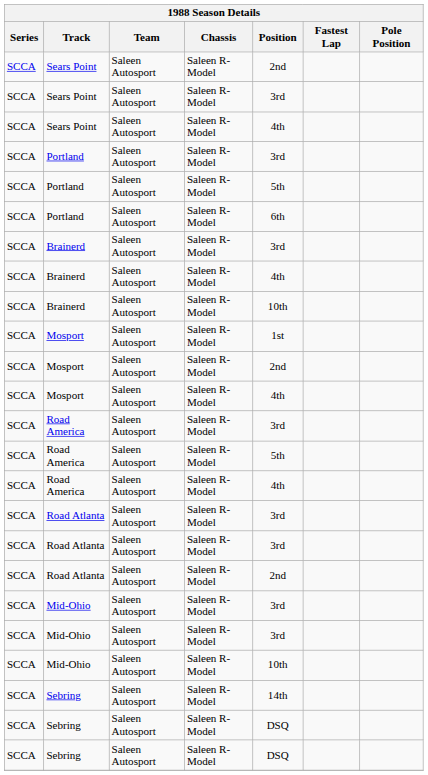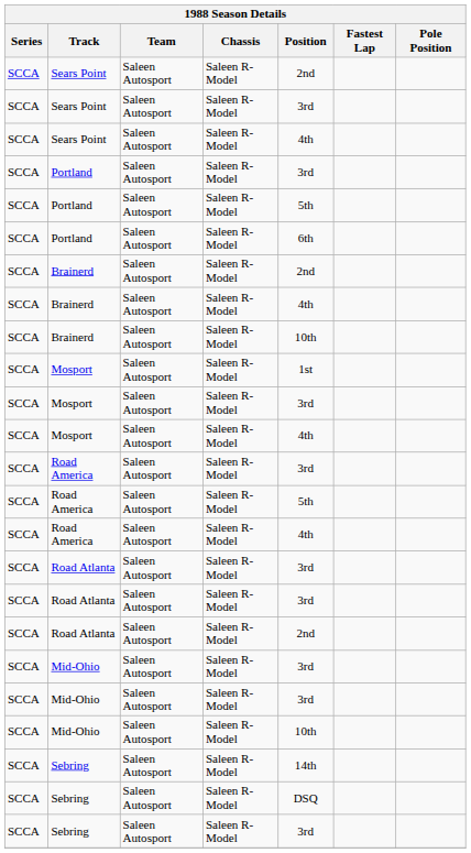 <table class="wikitable collapsible collapsed">
 <tr>
 <th colspan="7" width="875px">1988 Season Details</th>
 </tr>
 <tr>
 <th scope="col">Series</th>
 <th scope="col">Track</th>
 <th scope="col">Team</th>
 <th scope="col">Chassis</th>
 <th scope="col">Position</th>
 <th scope="col">Fastest Lap</th>
 <th scope="col">Pole Position</th>
 </tr>
 <tr>
 <td><a href='#'>SCCA</a></td>
 <td><a href='#'>Sears Point</a></td>
 <td>Saleen Autosport</td>
 <td>Saleen R-Model</td>
 <td style="text-align:center">2nd</td>
 <td style="text-align:center"></td>
 <td style="text-align:center"></td>
 </tr>
 <tr>
 <td>SCCA</td>
 <td>Sears Point</td>
 <td>Saleen Autosport</td>
 <td>Saleen R-Model</td>
 <td style="text-align:center">3rd</td>
 <td style="text-align:center"></td>
 <td style="text-align:center"></td>
 </tr>
 <tr>
 <td>SCCA</td>
 <td>Sears Point</td>
 <td>Saleen Autosport</td>
 <td>Saleen R-Model</td>
 <td style="text-align:center">4th</td>
 <td style="text-align:center"></td>
 <td style="text-align:center"></td>
 </tr>
 <tr>
 <td>SCCA</td>
 <td><a href='#'>Portland</a></td>
 <td>Saleen Autosport</td>
 <td>Saleen R-Model</td>
 <td style="text-align:center">3rd</td>
 <td style="text-align:center"></td>
 <td style="text-align:center"></td>
 </tr>
 <tr>
 <td>SCCA</td>
 <td>Portland</td>
 <td>Saleen Autosport</td>
 <td>Saleen R-Model</td>
 <td style="text-align:center">5th</td>
 <td style="text-align:center"></td>
 <td style="text-align:center"></td>
 </tr>
 <tr>
 <td>SCCA</td>
 <td>Portland</td>
 <td>Saleen Autosport</td>
 <td>Saleen R-Model</td>
 <td style="text-align:center">6th</td>
 <td style="text-align:center"></td>
 <td style="text-align:center"></td>
 </tr>
 <tr>
 <td>SCCA</td>
 <td><a href='#'>Brainerd</a></td>
 <td>Saleen Autosport</td>
 <td>Saleen R-Model</td>
-<td style="text-align:center">3rd</td>
+<td style="text-align:center">2nd</td>
 <td style="text-align:center"></td>
 <td style="text-align:center"></td>
 </tr>
 <tr>
 <td>SCCA</td>
 <td>Brainerd</td>
 <td>Saleen Autosport</td>
 <td>Saleen R-Model</td>
 <td style="text-align:center">4th</td>
 <td style="text-align:center"></td>
 <td style="text-align:center"></td>
 </tr>
 <tr>
 <td>SCCA</td>
 <td>Brainerd</td>
 <td>Saleen Autosport</td>
 <td>Saleen R-Model</td>
 <td style="text-align:center">10th</td>
 <td style="text-align:center"></td>
 <td style="text-align:center"></td>
 </tr>
 <tr>
 <td>SCCA</td>
 <td><a href='#'>Mosport</a></td>
 <td>Saleen Autosport</td>
 <td>Saleen R-Model</td>
 <td style="text-align:center">1st</td>
 <td style="text-align:center"></td>
 <td style="text-align:center"></td>
 </tr>
 <tr>
 <td>SCCA</td>
 <td>Mosport</td>
 <td>Saleen Autosport</td>
 <td>Saleen R-Model</td>
-<td style="text-align:center">2nd</td>
+<td style="text-align:center">3rd</td>
 <td style="text-align:center"></td>
 <td style="text-align:center"></td>
 </tr>
 <tr>
 <td>SCCA</td>
 <td>Mosport</td>
 <td>Saleen Autosport</td>
 <td>Saleen R-Model</td>
 <td style="text-align:center">4th</td>
 <td style="text-align:center"></td>
 <td style="text-align:center"></td>
 </tr>
 <tr>
 <td>SCCA</td>
 <td><a href='#'>Road America</a></td>
 <td>Saleen Autosport</td>
 <td>Saleen R-Model</td>
 <td style="text-align:center">3rd</td>
 <td style="text-align:center"></td>
 <td style="text-align:center"></td>
 </tr>
 <tr>
 <td>SCCA</td>
 <td>Road America</td>
 <td>Saleen Autosport</td>
 <td>Saleen R-Model</td>
 <td style="text-align:center">5th</td>
 <td style="text-align:center"></td>
 <td style="text-align:center"></td>
 </tr>
 <tr>
 <td>SCCA</td>
 <td>Road America</td>
 <td>Saleen Autosport</td>
 <td>Saleen R-Model</td>
 <td style="text-align:center">4th</td>
 <td style="text-align:center"></td>
 <td style="text-align:center"></td>
 </tr>
 <tr>
 <td>SCCA</td>
 <td><a href='#'>Road Atlanta</a></td>
 <td>Saleen Autosport</td>
 <td>Saleen R-Model</td>
 <td style="text-align:center">3rd</td>
 <td style="text-align:center"></td>
 <td style="text-align:center"></td>
 </tr>
 <tr>
 <td>SCCA</td>
 <td>Road Atlanta</td>
 <td>Saleen Autosport</td>
 <td>Saleen R-Model</td>
 <td style="text-align:center">3rd</td>
 <td style="text-align:center"></td>
 <td style="text-align:center"></td>
 </tr>
 <tr>
 <td>SCCA</td>
 <td>Road Atlanta</td>
 <td>Saleen Autosport</td>
 <td>Saleen R-Model</td>
 <td style="text-align:center">2nd</td>
 <td style="text-align:center"></td>
 <td style="text-align:center"></td>
 </tr>
 <tr>
 <td>SCCA</td>
 <td><a href='#'>Mid-Ohio</a></td>
 <td>Saleen Autosport</td>
 <td>Saleen R-Model</td>
 <td style="text-align:center">3rd</td>
 <td style="text-align:center"></td>
 <td style="text-align:center"></td>
 </tr>
 <tr>
 <td>SCCA</td>
 <td>Mid-Ohio</td>
 <td>Saleen Autosport</td>
 <td>Saleen R-Model</td>
 <td style="text-align:center">3rd</td>
 <td style="text-align:center"></td>
 <td style="text-align:center"></td>
 </tr>
 <tr>
 <td>SCCA</td>
 <td>Mid-Ohio</td>
 <td>Saleen Autosport</td>
 <td>Saleen R-Model</td>
 <td style="text-align:center">10th</td>
 <td style="text-align:center"></td>
 <td style="text-align:center"></td>
 </tr>
 <tr>
 <td>SCCA</td>
 <td><a href='#'>Sebring</a></td>
 <td>Saleen Autosport</td>
 <td>Saleen R-Model</td>
 <td style="text-align:center">14th</td>
 <td style="text-align:center"></td>
 <td style="text-align:center"></td>
 </tr>
 <tr>
 <td>SCCA</td>
 <td>Sebring</td>
 <td>Saleen Autosport</td>
 <td>Saleen R-Model</td>
 <td style="text-align:center">DSQ</td>
 <td style="text-align:center"></td>
 <td style="text-align:center"></td>
 </tr>
 <tr>
 <td>SCCA</td>
 <td>Sebring</td>
 <td>Saleen Autosport</td>
 <td>Saleen R-Model</td>
-<td style="text-align:center">DSQ</td>
+<td style="text-align:center">3rd</td>
 <td style="text-align:center"></td>
 <td style="text-align:center"></td>
 </tr>
 <tr>
 </tr>
 </table>
